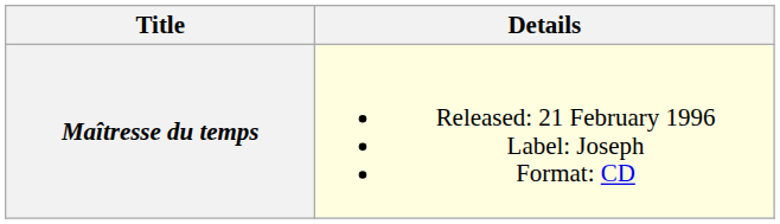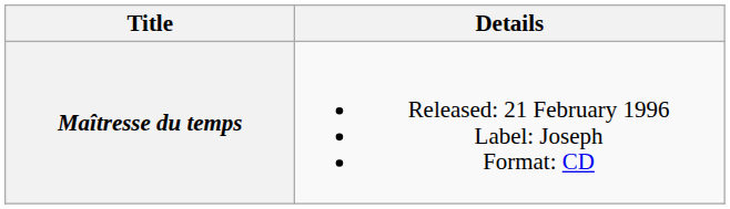 <table class="wikitable plainrowheaders" style="text-align:center">
 <tr>
 <th scope="col" style="width:12em">Title</th>
 <th scope="col" style="width:18em">Details</th>
 </tr>
 <tr>
 <th scope="row"><em>Maîtresse du temps</em></th>
-<td style="background: lightyellow;"><br><ul><li>Released: 21 February 1996</li><li>Label: Joseph</li><li>Format: <a href='#'>CD</a></li></ul></td>
+<td><br><ul><li>Released: 21 February 1996</li><li>Label: Joseph</li><li>Format: <a href='#'>CD</a></li></ul></td>
 </tr>
 </table>
